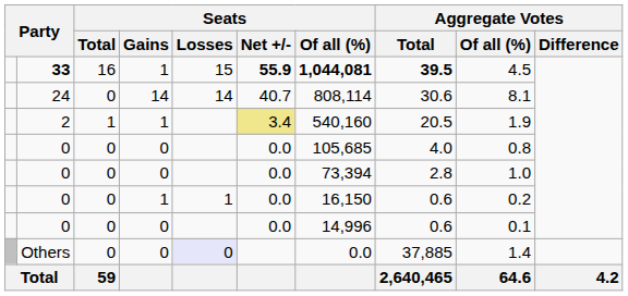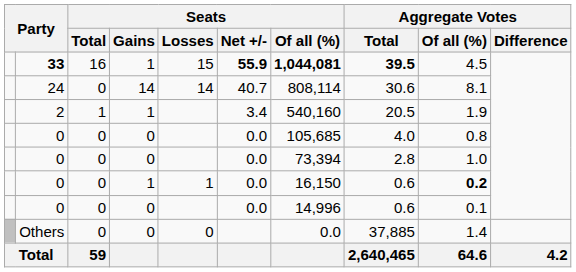 <table class="wikitable sortable" style="text-align:right; font-size:95%;">
 <tr>
 <th colspan="2" rowspan="2">Party</th>
 <th colspan="5">Seats</th>
 <th colspan="3">Aggregate Votes</th>
 </tr>
 <tr>
 <th>Total</th>
 <th>Gains</th>
 <th>Losses</th>
 <th>Net +/-</th>
 <th>Of all (%)</th>
 <th>Total</th>
 <th>Of all (%)</th>
 <th>Difference</th>
 </tr>
 <tr>
 <td></td>
 <td><strong>33</strong></td>
 <td>16</td>
 <td>1</td>
 <td>15</td>
 <td><strong>55.9</strong></td>
 <td><strong>1,044,081</strong></td>
 <td><strong>39.5</strong></td>
 <td>4.5</td>
 </tr>
 <tr>
 <td></td>
 <td>24</td>
 <td>0</td>
 <td>14</td>
 <td>14</td>
 <td>40.7</td>
 <td>808,114</td>
 <td>30.6</td>
 <td>8.1</td>
 </tr>
 <tr>
 <td></td>
 <td>2</td>
 <td>1</td>
 <td>1</td>
 <td></td>
-<td style="background: khaki;">3.4</td>
+<td>3.4</td>
 <td>540,160</td>
 <td>20.5</td>
 <td>1.9</td>
 </tr>
 <tr>
 <td></td>
 <td>0</td>
 <td>0</td>
 <td>0</td>
 <td></td>
 <td>0.0</td>
 <td>105,685</td>
 <td>4.0</td>
 <td>0.8</td>
 </tr>
 <tr>
 <td></td>
 <td>0</td>
 <td>0</td>
 <td>0</td>
 <td></td>
 <td>0.0</td>
 <td>73,394</td>
 <td>2.8</td>
 <td>1.0</td>
 </tr>
 <tr>
 <td></td>
 <td>0</td>
 <td>0</td>
 <td>1</td>
 <td>1</td>
 <td>0.0</td>
 <td>16,150</td>
 <td>0.6</td>
-<td>0.2</td>
+<td><strong>0.2</strong></td>
 </tr>
 <tr>
 <td></td>
 <td>0</td>
 <td>0</td>
 <td>0</td>
 <td></td>
 <td>0.0</td>
 <td>14,996</td>
 <td>0.6</td>
 <td>0.1</td>
 </tr>
 <tr>
 <td style="background:silver;"> </td>
 <td align=left>Others</td>
 <td>0</td>
 <td>0</td>
-<td style="background: lavender;">0</td>
+<td>0</td>
 <td></td>
 <td>0.0</td>
 <td>37,885</td>
 <td>1.4</td>
 <td></td>
 </tr>
 <tr class="sortbottom">
 <th colspan="2" style="background:#f2f2f2"><strong>Total</strong></th>
 <td style="background:#f2f2f2;"><strong>59</strong></td>
 <td style="background:#f2f2f2;"></td>
 <td style="background:#f2f2f2;"></td>
 <td style="background:#f2f2f2;"></td>
 <td style="background:#f2f2f2;"></td>
 <td style="background:#f2f2f2;"><strong>2,640,465</strong></td>
 <td style="background:#f2f2f2;"><strong>64.6</strong></td>
 <td style="background:#f2f2f2;"><strong>4.2</strong></td>
 </tr>
 </table>
